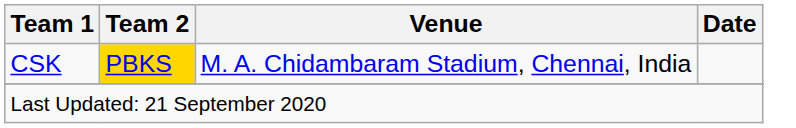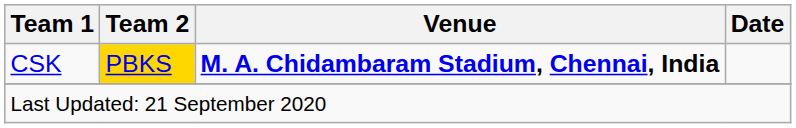 <table class="wikitable">
 <tr>
 <th>Team 1</th>
 <th>Team 2</th>
 <th>Venue</th>
 <th>Date</th>
 </tr>
 <tr>
 <td><a href='#'>CSK</a></td>
 <td style="background: gold;"><a href='#'>PBKS</a></td>
-<td><a href='#'>M. A. Chidambaram Stadium</a>, <a href='#'>Chennai</a>, India</td>
+<td><strong><a href='#'>M. A. Chidambaram Stadium</a>, <a href='#'>Chennai</a>, India</strong></td>
 <td></td>
 </tr>
 <tr>
 </tr>
 <tr class=sortbottom>
 <td colspan=4><small>Last Updated: 21 September 2020</small></td>
 </tr>
 </table>
